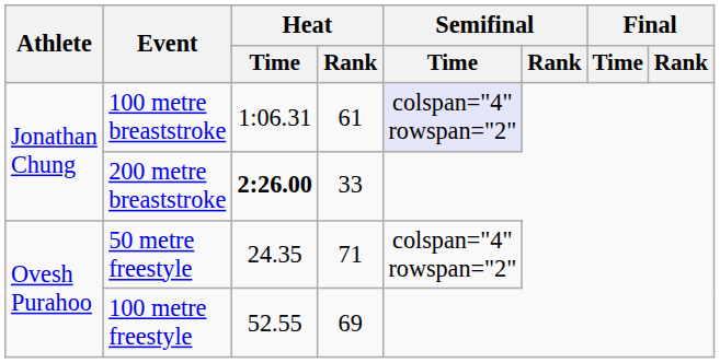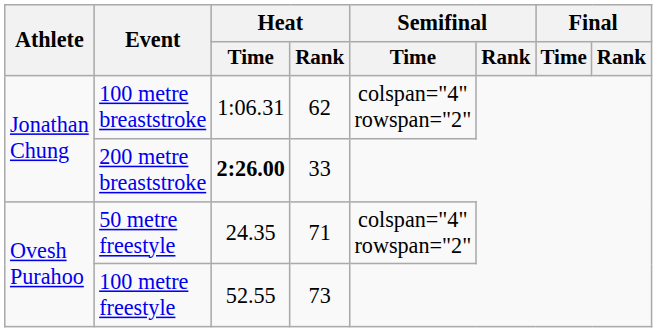 <table class="wikitable" style="text-align:center; font-size:90%; width:50%;">
 <tr>
 <th rowspan="2">Athlete</th>
 <th rowspan="2">Event</th>
 <th colspan="2">Heat</th>
 <th colspan="2">Semifinal</th>
 <th colspan="2">Final</th>
 </tr>
 <tr style="font-size:95%">
 <th>Time</th>
 <th>Rank</th>
 <th>Time</th>
 <th>Rank</th>
 <th>Time</th>
 <th>Rank</th>
 </tr>
 <tr align=center>
 <td align=left rowspan="2"><a href='#'>Jonathan Chung</a></td>
 <td align=left><a href='#'>100 metre breaststroke</a></td>
 <td>1:06.31</td>
-<td>61</td>
-<td style="background: lavender;">colspan="4" rowspan="2"</td>
+<td>62</td>
+<td>colspan="4" rowspan="2"</td>
 </tr>
 <tr align=center>
 <td align=left><a href='#'>200 metre breaststroke</a></td>
 <td><strong>2:26.00</strong></td>
 <td>33</td>
 </tr>
 <tr align=center>
 <td align=left rowspan="2"><a href='#'>Ovesh Purahoo</a></td>
 <td align=left><a href='#'>50 metre freestyle</a></td>
 <td>24.35</td>
 <td>71</td>
 <td>colspan="4" rowspan="2"</td>
 </tr>
 <tr align=center>
 <td align=left><a href='#'>100 metre freestyle</a></td>
 <td>52.55</td>
-<td>69</td>
+<td>73</td>
 </tr>
 </table>
